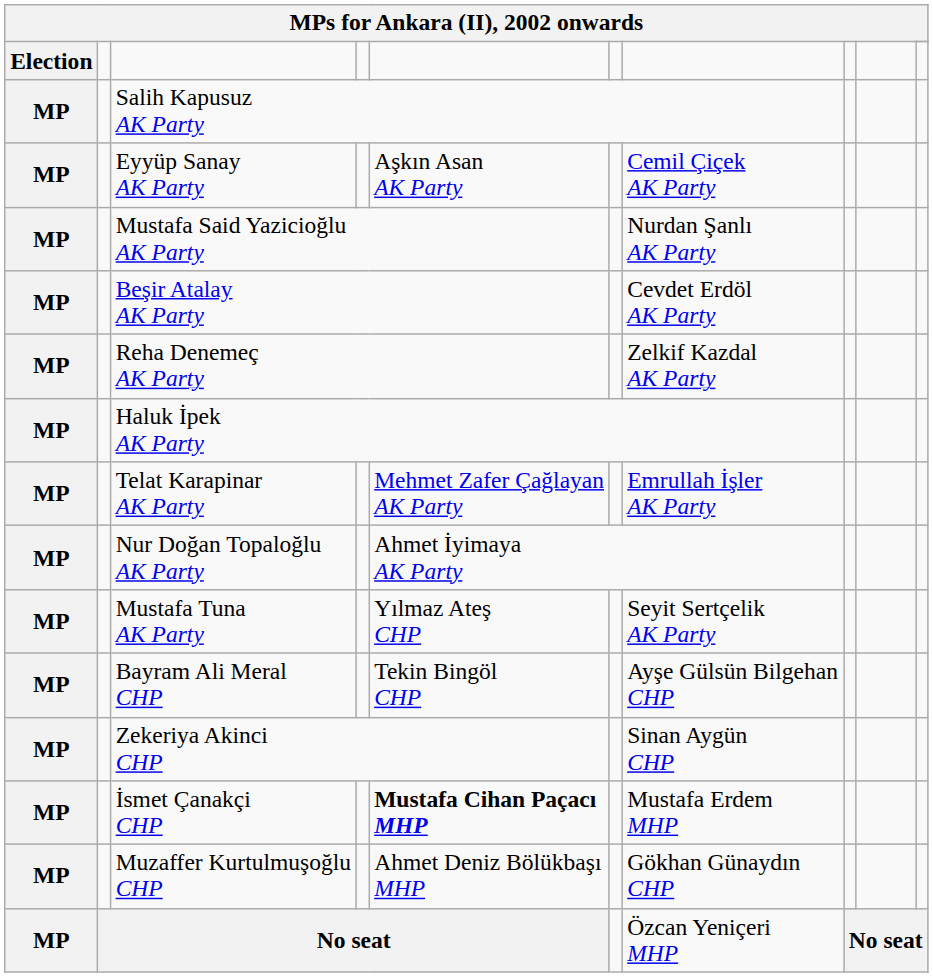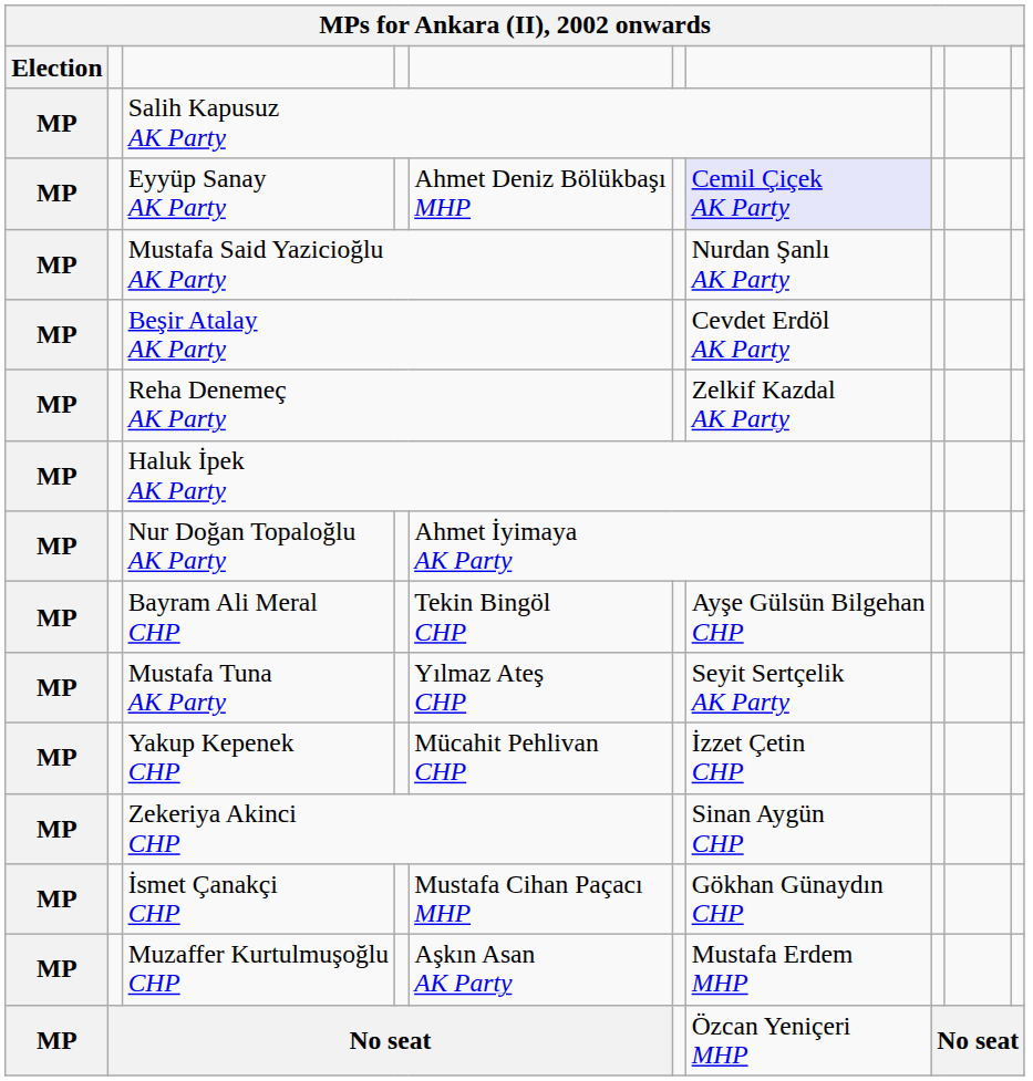 <table class="wikitable">
 <tr>
 <th colspan = 10>MPs for Ankara (II), 2002 onwards</th>
 </tr>
 <tr>
 <th rowspan = 2>Election</th>
 <td rowspan="2" style="width:1px;"></td>
 <td rowspan = 2></td>
 <td rowspan="2" style="width:1px;"></td>
 <td rowspan = 2></td>
 <td rowspan="2" style="width:1px;"></td>
 <td rowspan = 2></td>
 <td rowspan="2" style="width:1px;"></td>
 <td rowspan = 2></td>
 </tr>
 <tr>
 <td></td>
 </tr>
 <tr>
 <th>MP</th>
 <td width=1px style="background-color: "></td>
 <td colspan = 5>Salih Kapusuz<br><em><a href='#'>AK Party</a></em></td>
 <td width=1px style="background-color: "></td>
 <td colspan = 1></td>
 <td width=1px style="background-color:"></td>
 </tr>
 <tr>
 <th>MP</th>
 <td width=1px style="background-color: "></td>
 <td colspan = 1>Eyyüp Sanay<br><em><a href='#'>AK Party</a></em></td>
 <td width=1px style="background-color: "></td>
-<td colspan = 1>Aşkın Asan<br><em><a href='#'>AK Party</a></em></td>
+<td colspan = 1>Ahmet Deniz Bölükbaşı<br><em><a href='#'>MHP</a></em></td>
 <td width=1px style="background-color: "></td>
-<td colspan = 1><a href='#'>Cemil Çiçek</a><br><em><a href='#'>AK Party</a></em></td>
+<td colspan = 1 style="background: lavender;"><a href='#'>Cemil Çiçek</a><br><em><a href='#'>AK Party</a></em></td>
 <td width=1px style="background-color: "></td>
 <td colspan = 1></td>
 <td width=1px style="background-color:"></td>
 </tr>
 <tr>
 <th>MP</th>
 <td width=1px style="background-color: "></td>
 <td colspan = 3>Mustafa Said Yazicioğlu<br><em><a href='#'>AK Party</a></em></td>
 <td width=1px style="background-color: "></td>
 <td colspan = 1>Nurdan Şanlı<br><em><a href='#'>AK Party</a></em></td>
 <td width=1px style="background-color: "></td>
 <td colspan = 1></td>
 <td width=1px style="background-color:"></td>
 </tr>
 <tr>
 <th>MP</th>
 <td width=1px style="background-color: "></td>
 <td colspan = 3><a href='#'>Beşir Atalay</a><br><em><a href='#'>AK Party</a></em></td>
 <td width=1px style="background-color: "></td>
 <td colspan = 1>Cevdet Erdöl<br><em><a href='#'>AK Party</a></em></td>
 <td width=1px style="background-color: "></td>
 <td colspan = 1></td>
 <td width=1px style="background-color:"></td>
 </tr>
 <tr>
 <th>MP</th>
 <td width=1px style="background-color: "></td>
 <td colspan = 3>Reha Denemeç<br><em><a href='#'>AK Party</a></em></td>
 <td width=1px style="background-color: "></td>
 <td colspan = 1>Zelkif Kazdal<br><em><a href='#'>AK Party</a></em></td>
 <td width=1px style="background-color: "></td>
 <td colspan = 1></td>
 <td width=1px style="background-color:"></td>
 </tr>
 <tr>
 <th>MP</th>
 <td width=1px style="background-color: "></td>
 <td colspan = 5>Haluk İpek<br><em><a href='#'>AK Party</a></em></td>
 <td width=1px style="background-color: "></td>
 <td colspan = 1></td>
 <td width=1px style="background-color:"></td>
 </tr>
 <tr>
 <th>MP</th>
 <td width=1px style="background-color: "></td>
-<td colspan = 1>Telat Karapinar<br><em><a href='#'>AK Party</a></em></td>
+<td colspan = 1>Nur Doğan Topaloğlu<br><em><a href='#'>AK Party</a></em></td>
 <td width=1px style="background-color: "></td>
-<td colspan = 1><a href='#'>Mehmet Zafer Çağlayan</a><br><em><a href='#'>AK Party</a></em></td>
-<td width=1px style="background-color: "></td>
-<td colspan = 1><a href='#'>Emrullah İşler</a><br><em><a href='#'>AK Party</a></em></td>
+<td colspan = 3>Ahmet İyimaya<br><em><a href='#'>AK Party</a></em></td>
 <td width=1px style="background-color: "></td>
 <td colspan = 1></td>
 <td width=1px style="background-color:"></td>
 </tr>
 <tr>
 <th>MP</th>
 <td width=1px style="background-color: "></td>
-<td colspan = 1>Nur Doğan Topaloğlu<br><em><a href='#'>AK Party</a></em></td>
+<td colspan = 1>Bayram Ali Meral<br><em><a href='#'>CHP</a></em></td>
 <td width=1px style="background-color: "></td>
-<td colspan = 3>Ahmet İyimaya<br><em><a href='#'>AK Party</a></em></td>
+<td colspan = 1>Tekin Bingöl<br><em><a href='#'>CHP</a></em></td>
+<td width=1px style="background-color: "></td>
+<td colspan = 1>Ayşe Gülsün Bilgehan<br><em><a href='#'>CHP</a></em></td>
 <td width=1px style="background-color: "></td>
 <td colspan = 1></td>
 <td width=1px style="background-color:"></td>
 </tr>
 <tr>
 <th>MP</th>
 <td width=1px style="background-color: "></td>
 <td colspan = 1>Mustafa Tuna<br><em><a href='#'>AK Party</a></em></td>
 <td width=1px style="background-color: "></td>
 <td colspan = 1>Yılmaz Ateş<br><em><a href='#'>CHP</a></em></td>
 <td width=1px style="background-color: "></td>
 <td colspan = 1>Seyit Sertçelik<br><em><a href='#'>AK Party</a></em></td>
 <td width=1px style="background-color: "></td>
 <td colspan = 1></td>
 <td width=1px style="background-color:"></td>
 </tr>
 <tr>
 <th>MP</th>
 <td width=1px style="background-color: "></td>
-<td colspan = 1>Bayram Ali Meral<br><em><a href='#'>CHP</a></em></td>
+<td colspan = 1>Yakup Kepenek<br><em><a href='#'>CHP</a></em></td>
 <td width=1px style="background-color: "></td>
-<td colspan = 1>Tekin Bingöl<br><em><a href='#'>CHP</a></em></td>
+<td colspan = 1>Mücahit Pehlivan<br><em><a href='#'>CHP</a></em></td>
 <td width=1px style="background-color: "></td>
-<td colspan = 1>Ayşe Gülsün Bilgehan<br><em><a href='#'>CHP</a></em></td>
+<td colspan = 1>İzzet Çetin<br><em><a href='#'>CHP</a></em></td>
 <td width=1px style="background-color: "></td>
 <td colspan = 1></td>
 <td width=1px style="background-color:"></td>
 </tr>
 <tr>
 <th>MP</th>
 <td width=1px style="background-color: "></td>
 <td colspan = 3>Zekeriya Akinci<br><em><a href='#'>CHP</a></em></td>
 <td width=1px style="background-color: "></td>
 <td colspan = 1>Sinan Aygün<br><em><a href='#'>CHP</a></em></td>
 <td width=1px style="background-color: "></td>
 <td colspan = 1></td>
 <td width=1px style="background-color:"></td>
 </tr>
 <tr>
 <th>MP</th>
 <td width=1px style="background-color: "></td>
 <td colspan = 1>İsmet Çanakçi<br><em><a href='#'>CHP</a></em></td>
 <td width=1px style="background-color: "></td>
-<td colspan = 1><strong>Mustafa Cihan Paçacı<br><em><a href='#'>MHP</a></em></strong></td>
+<td colspan = 1>Mustafa Cihan Paçacı<br><em><a href='#'>MHP</a></em></td>
 <td width=1px style="background-color: "></td>
-<td colspan = 1>Mustafa Erdem<br><em><a href='#'>MHP</a></em></td>
+<td colspan = 1>Gökhan Günaydın<br><em><a href='#'>CHP</a></em></td>
 <td width=1px style="background-color: "></td>
 <td colspan = 1></td>
 <td width=1px style="background-color:"></td>
 </tr>
 <tr>
 <th>MP</th>
 <td width=1px style="background-color: "></td>
 <td colspan = 1>Muzaffer Kurtulmuşoğlu<br><em><a href='#'>CHP</a></em></td>
 <td width=1px style="background-color: "></td>
-<td colspan = 1>Ahmet Deniz Bölükbaşı<br><em><a href='#'>MHP</a></em></td>
+<td colspan = 1>Aşkın Asan<br><em><a href='#'>AK Party</a></em></td>
 <td width=1px style="background-color: "></td>
-<td colspan = 1>Gökhan Günaydın<br><em><a href='#'>CHP</a></em></td>
+<td colspan = 1>Mustafa Erdem<br><em><a href='#'>MHP</a></em></td>
 <td width=1px style="background-color: "></td>
 <td colspan = 1></td>
 <td width=1px style="background-color:"></td>
 </tr>
 <tr>
 <th>MP</th>
 <th colspan =4>No seat</th>
 <td width=1px style="background-color: "></td>
 <td colspan = 1>Özcan Yeniçeri<br><em><a href='#'>MHP</a></em></td>
 <th colspan =3>No seat</th>
 </tr>
 </table>
